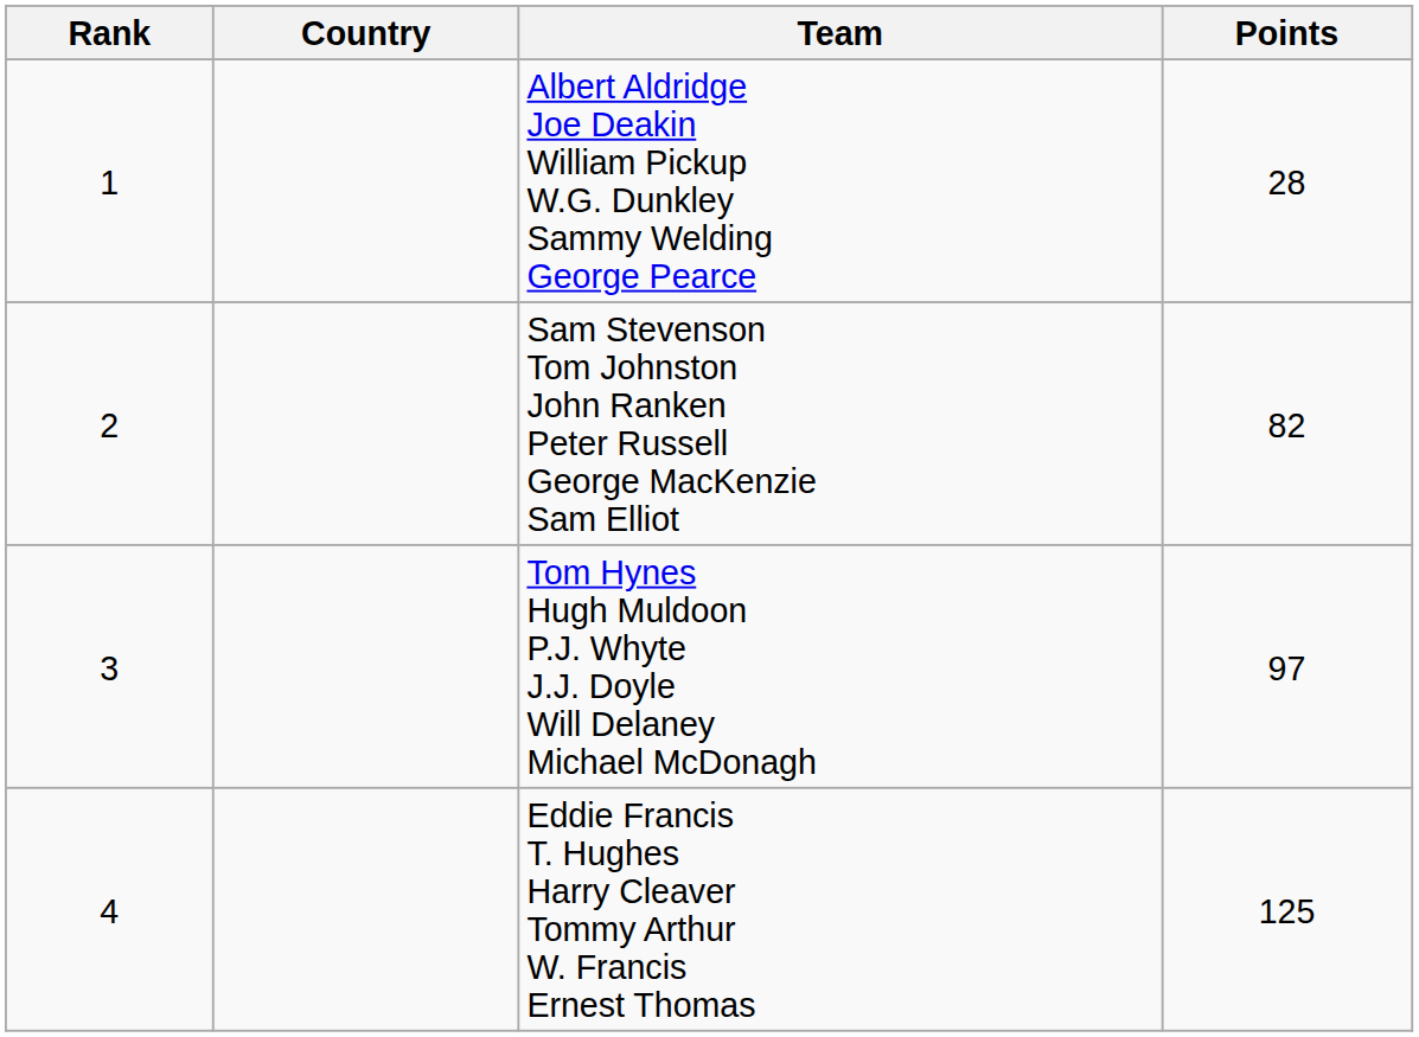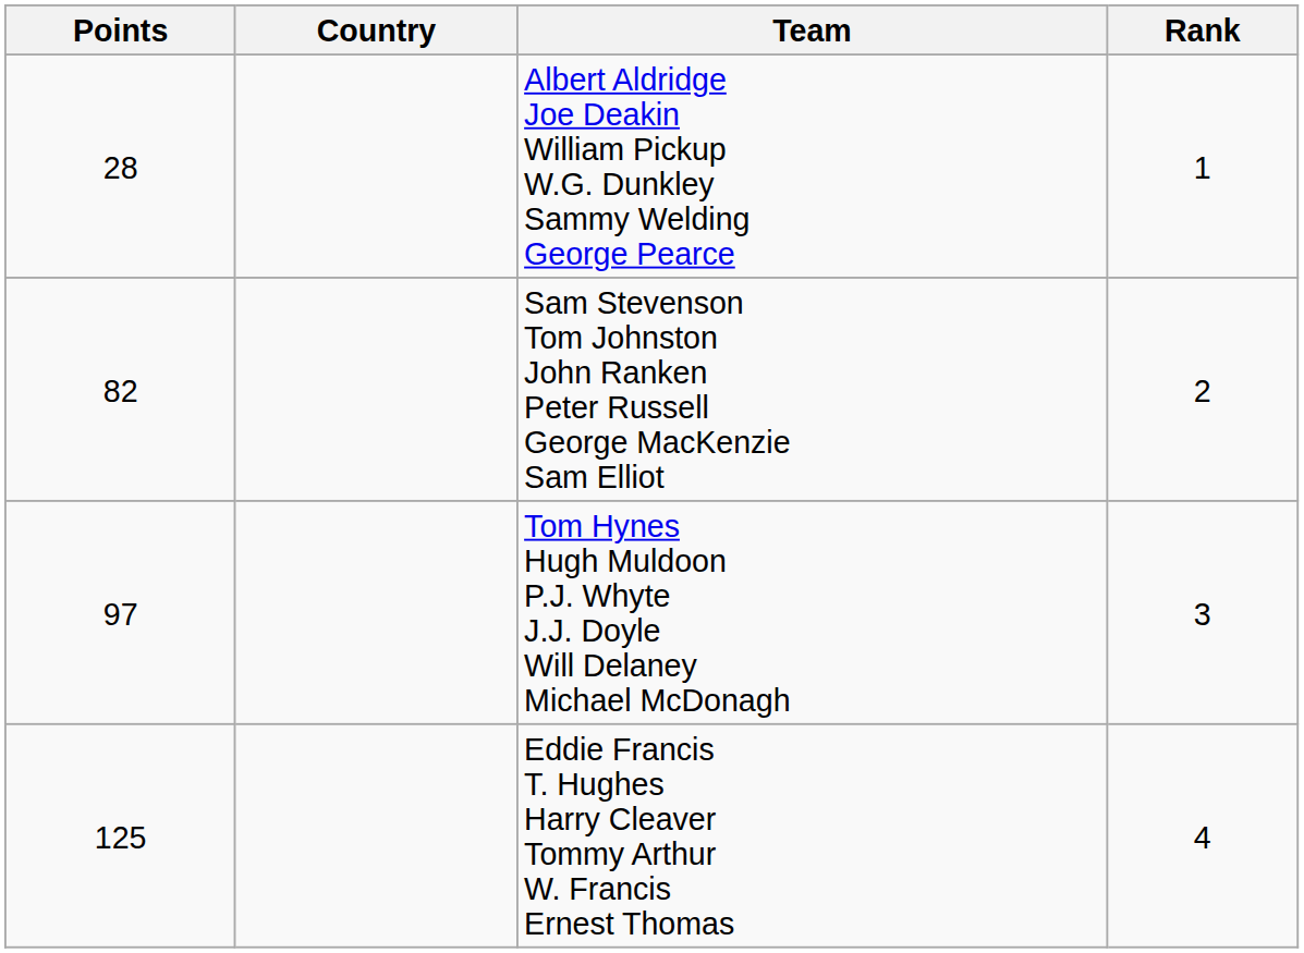 <table class="wikitable sortable" style=" text-align:center; font-size:95%;" width="50%">
 <tr>
-<th>Rank</th>
+<th>Points</th>
 <th>Country</th>
 <th>Team</th>
-<th>Points</th>
+<th>Rank</th>
 </tr>
 <tr>
-<td align=center>1</td>
+<td>28</td>
 <td align=left></td>
 <td align=left><a href='#'>Albert Aldridge</a><br><a href='#'>Joe Deakin</a><br>William Pickup<br>W.G. Dunkley<br>Sammy Welding<br><a href='#'>George Pearce</a></td>
-<td>28</td>
+<td align=center>1</td>
 </tr>
 <tr>
-<td align=center>2</td>
+<td>82</td>
 <td align=left></td>
 <td align=left>Sam Stevenson<br>Tom Johnston<br>John Ranken<br>Peter Russell<br>George MacKenzie<br>Sam Elliot</td>
-<td>82</td>
+<td align=center>2</td>
 </tr>
 <tr>
-<td align=center>3</td>
+<td>97</td>
 <td align=left></td>
 <td align=left><a href='#'>Tom Hynes</a><br>Hugh Muldoon<br>P.J. Whyte<br>J.J. Doyle<br>Will Delaney<br>Michael McDonagh</td>
-<td>97</td>
+<td align=center>3</td>
 </tr>
 <tr>
-<td align=center>4</td>
+<td>125</td>
 <td align=left></td>
 <td align=left>Eddie Francis<br>T. Hughes<br>Harry Cleaver<br>Tommy Arthur<br>W. Francis<br>Ernest Thomas</td>
-<td>125</td>
+<td align=center>4</td>
 </tr>
 </table>
